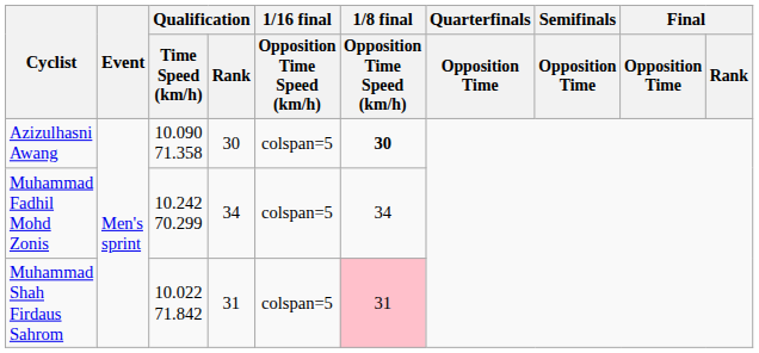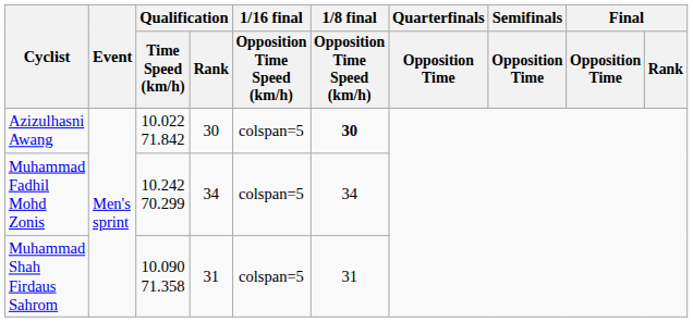 <table class="wikitable" style="font-size:90%">
 <tr>
 <th rowspan=2>Cyclist</th>
 <th rowspan=2>Event</th>
 <th colspan=2>Qualification</th>
 <th>1/16 final</th>
 <th>1/8 final</th>
 <th>Quarterfinals</th>
 <th>Semifinals</th>
 <th colspan=2>Final</th>
 </tr>
 <tr style="font-size:95%">
 <th>Time<br>Speed (km/h)</th>
 <th>Rank</th>
 <th>Opposition<br>Time<br>Speed (km/h)</th>
 <th>Opposition<br>Time<br>Speed (km/h)</th>
 <th>Opposition<br>Time</th>
 <th>Opposition<br>Time</th>
 <th>Opposition<br>Time</th>
 <th>Rank</th>
 </tr>
 <tr align=center>
 <td align=left><a href='#'>Azizulhasni Awang</a></td>
 <td align=left rowspan=3><a href='#'>Men's sprint</a></td>
-<td>10.090<br>71.358</td>
+<td>10.022<br>71.842</td>
 <td>30</td>
 <td>colspan=5 </td>
 <td><strong>30</strong></td>
 </tr>
 <tr align=center>
 <td align=left><a href='#'>Muhammad Fadhil Mohd Zonis</a></td>
 <td>10.242<br>70.299</td>
 <td>34</td>
 <td>colspan=5 </td>
 <td>34</td>
 </tr>
 <tr align=center>
 <td align=left><a href='#'>Muhammad Shah Firdaus Sahrom</a></td>
-<td>10.022<br>71.842</td>
+<td>10.090<br>71.358</td>
 <td>31</td>
 <td>colspan=5 </td>
-<td style="background: pink;">31</td>
+<td>31</td>
 </tr>
 </table>
